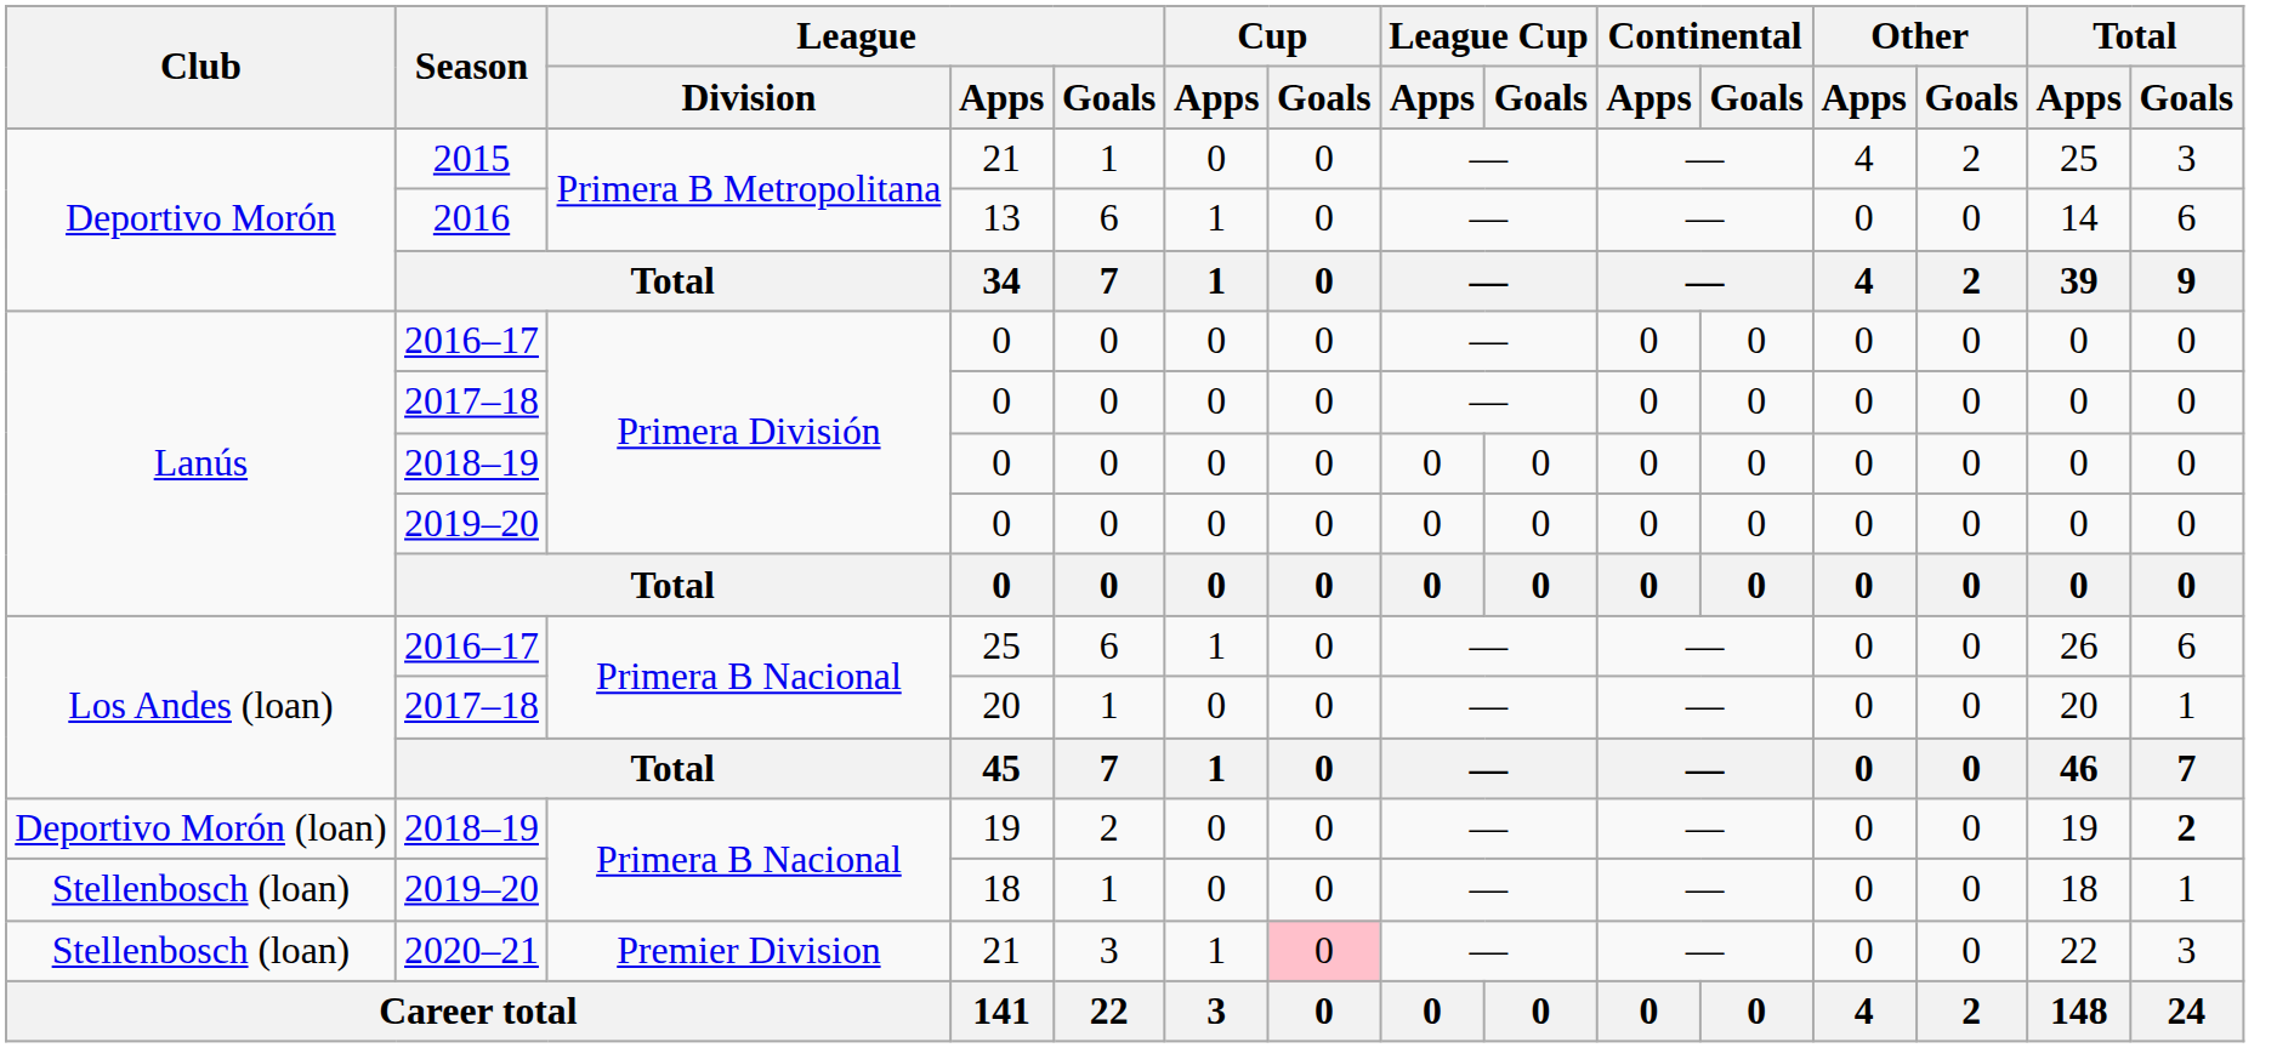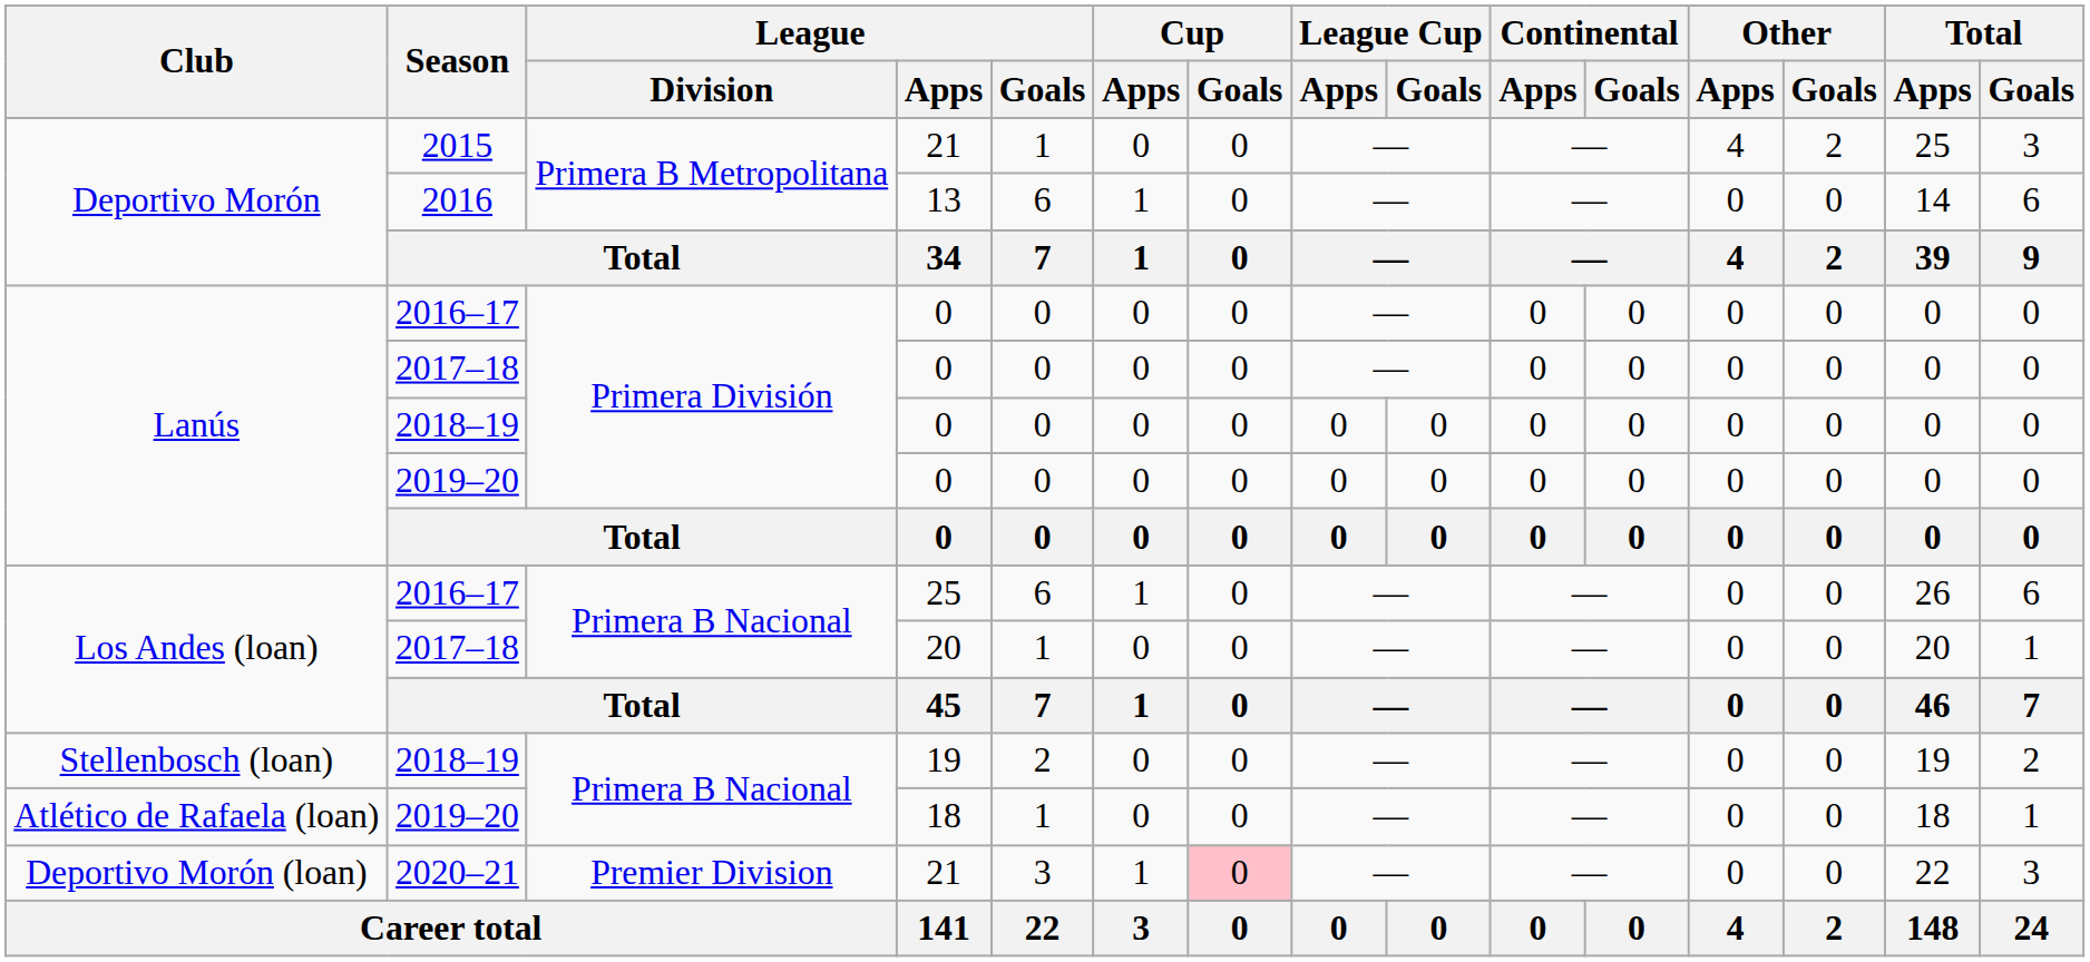 <table class="wikitable" style="text-align:center">
 <tr>
 <th rowspan="2">Club</th>
 <th rowspan="2">Season</th>
 <th colspan="3">League</th>
 <th colspan="2">Cup</th>
 <th colspan="2">League Cup</th>
 <th colspan="2">Continental</th>
 <th colspan="2">Other</th>
 <th colspan="2">Total</th>
 </tr>
 <tr>
 <th>Division</th>
 <th>Apps</th>
 <th>Goals</th>
 <th>Apps</th>
 <th>Goals</th>
 <th>Apps</th>
 <th>Goals</th>
 <th>Apps</th>
 <th>Goals</th>
 <th>Apps</th>
 <th>Goals</th>
 <th>Apps</th>
 <th>Goals</th>
 </tr>
 <tr>
 <td rowspan="3"><a href='#'>Deportivo Morón</a></td>
 <td><a href='#'>2015</a></td>
 <td rowspan="2"><a href='#'>Primera B Metropolitana</a></td>
 <td>21</td>
 <td>1</td>
 <td>0</td>
 <td>0</td>
 <td colspan="2">—</td>
 <td colspan="2">—</td>
 <td>4</td>
 <td>2</td>
 <td>25</td>
 <td>3</td>
 </tr>
 <tr>
 <td><a href='#'>2016</a></td>
 <td>13</td>
 <td>6</td>
 <td>1</td>
 <td>0</td>
 <td colspan="2">—</td>
 <td colspan="2">—</td>
 <td>0</td>
 <td>0</td>
 <td>14</td>
 <td>6</td>
 </tr>
 <tr>
 <th colspan="2">Total</th>
 <th>34</th>
 <th>7</th>
 <th>1</th>
 <th>0</th>
 <th colspan="2">—</th>
 <th colspan="2">—</th>
 <th>4</th>
 <th>2</th>
 <th>39</th>
 <th>9</th>
 </tr>
 <tr>
 <td rowspan="5"><a href='#'>Lanús</a></td>
 <td><a href='#'>2016–17</a></td>
 <td rowspan="4"><a href='#'>Primera División</a></td>
 <td>0</td>
 <td>0</td>
 <td>0</td>
 <td>0</td>
 <td colspan="2">—</td>
 <td>0</td>
 <td>0</td>
 <td>0</td>
 <td>0</td>
 <td>0</td>
 <td>0</td>
 </tr>
 <tr>
 <td><a href='#'>2017–18</a></td>
 <td>0</td>
 <td>0</td>
 <td>0</td>
 <td>0</td>
 <td colspan="2">—</td>
 <td>0</td>
 <td>0</td>
 <td>0</td>
 <td>0</td>
 <td>0</td>
 <td>0</td>
 </tr>
 <tr>
 <td><a href='#'>2018–19</a></td>
 <td>0</td>
 <td>0</td>
 <td>0</td>
 <td>0</td>
 <td>0</td>
 <td>0</td>
 <td>0</td>
 <td>0</td>
 <td>0</td>
 <td>0</td>
 <td>0</td>
 <td>0</td>
 </tr>
 <tr>
 <td><a href='#'>2019–20</a></td>
 <td>0</td>
 <td>0</td>
 <td>0</td>
 <td>0</td>
 <td>0</td>
 <td>0</td>
 <td>0</td>
 <td>0</td>
 <td>0</td>
 <td>0</td>
 <td>0</td>
 <td>0</td>
 </tr>
 <tr>
 <th colspan="2">Total</th>
 <th>0</th>
 <th>0</th>
 <th>0</th>
 <th>0</th>
 <th>0</th>
 <th>0</th>
 <th>0</th>
 <th>0</th>
 <th>0</th>
 <th>0</th>
 <th>0</th>
 <th>0</th>
 </tr>
 <tr>
 <td rowspan="3"><a href='#'>Los Andes</a> (loan)</td>
 <td><a href='#'>2016–17</a></td>
 <td rowspan="2"><a href='#'>Primera B Nacional</a></td>
 <td>25</td>
 <td>6</td>
 <td>1</td>
 <td>0</td>
 <td colspan="2">—</td>
 <td colspan="2">—</td>
 <td>0</td>
 <td>0</td>
 <td>26</td>
 <td>6</td>
 </tr>
 <tr>
 <td><a href='#'>2017–18</a></td>
 <td>20</td>
 <td>1</td>
 <td>0</td>
 <td>0</td>
 <td colspan="2">—</td>
 <td colspan="2">—</td>
 <td>0</td>
 <td>0</td>
 <td>20</td>
 <td>1</td>
 </tr>
 <tr>
 <th colspan="2">Total</th>
 <th>45</th>
 <th>7</th>
 <th>1</th>
 <th>0</th>
 <th colspan="2">—</th>
 <th colspan="2">—</th>
 <th>0</th>
 <th>0</th>
 <th>46</th>
 <th>7</th>
 </tr>
 <tr>
-<td rowspan="1"><a href='#'>Deportivo Morón</a> (loan)</td>
+<td rowspan="1"><a href='#'>Stellenbosch</a> (loan)</td>
 <td><a href='#'>2018–19</a></td>
 <td rowspan="2"><a href='#'>Primera B Nacional</a></td>
 <td>19</td>
 <td>2</td>
 <td>0</td>
 <td>0</td>
 <td colspan="2">—</td>
 <td colspan="2">—</td>
 <td>0</td>
 <td>0</td>
 <td>19</td>
-<td><strong>2</strong></td>
+<td>2</td>
 </tr>
 <tr>
-<td rowspan="1"><a href='#'>Stellenbosch</a> (loan)</td>
+<td rowspan="1"><a href='#'>Atlético de Rafaela</a> (loan)</td>
 <td><a href='#'>2019–20</a></td>
 <td>18</td>
 <td>1</td>
 <td>0</td>
 <td>0</td>
 <td colspan="2">—</td>
 <td colspan="2">—</td>
 <td>0</td>
 <td>0</td>
 <td>18</td>
 <td>1</td>
 </tr>
 <tr>
-<td rowspan="1"><a href='#'>Stellenbosch</a> (loan)</td>
+<td rowspan="1"><a href='#'>Deportivo Morón</a> (loan)</td>
 <td><a href='#'>2020–21</a></td>
 <td rowspan="1"><a href='#'>Premier Division</a></td>
 <td>21</td>
 <td>3</td>
 <td>1</td>
 <td style="background: pink;">0</td>
 <td colspan="2">—</td>
 <td colspan="2">—</td>
 <td>0</td>
 <td>0</td>
 <td>22</td>
 <td>3</td>
 </tr>
 <tr>
 <th colspan="3">Career total</th>
 <th>141</th>
 <th>22</th>
 <th>3</th>
 <th>0</th>
 <th>0</th>
 <th>0</th>
 <th>0</th>
 <th>0</th>
 <th>4</th>
 <th>2</th>
 <th>148</th>
 <th>24</th>
 </tr>
 </table>
